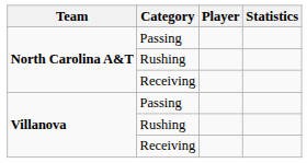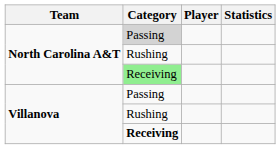 <table class="wikitable" style="float: right;">
 <tr>
 <th>Team</th>
 <th>Category</th>
 <th>Player</th>
 <th>Statistics</th>
 </tr>
 <tr>
 <td rowspan=3><strong>North Carolina A&T</strong></td>
-<td>Passing</td>
+<td style="background: lightgrey;">Passing</td>
 <td></td>
 <td></td>
 </tr>
 <tr>
 <td>Rushing</td>
 <td></td>
 <td></td>
 </tr>
 <tr>
-<td>Receiving</td>
+<td style="background: lightgreen;">Receiving</td>
 <td></td>
 <td></td>
 </tr>
 <tr>
 <td rowspan=3><strong>Villanova</strong></td>
 <td>Passing</td>
 <td></td>
 <td></td>
 </tr>
 <tr>
 <td>Rushing</td>
 <td></td>
 <td></td>
 </tr>
 <tr>
-<td>Receiving</td>
+<td><strong>Receiving</strong></td>
 <td></td>
 <td></td>
 </tr>
 </table>
